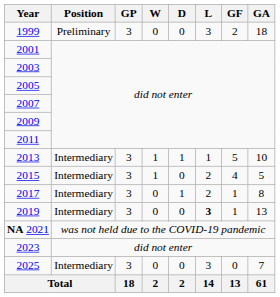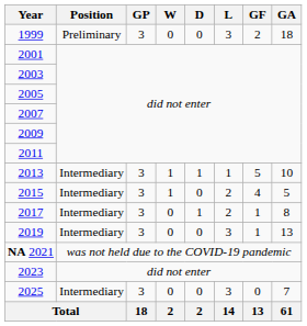 <table class="wikitable" style="text-align: center;">
 <tr>
 <th>Year</th>
 <th>Position</th>
 <th width=30>GP</th>
 <th width=30>W</th>
 <th width=30>D</th>
 <th width=30>L</th>
 <th width=30>GF</th>
 <th width=30>GA</th>
 </tr>
 <tr>
 <td> <a href='#'>1999</a></td>
 <td>Preliminary</td>
 <td>3</td>
 <td>0</td>
 <td>0</td>
 <td>3</td>
 <td>2</td>
 <td>18</td>
 </tr>
 <tr>
 <td> <a href='#'>2001</a></td>
 <td rowspan=6 colspan=7><em>did not enter</em></td>
 </tr>
 <tr>
 <td> <a href='#'>2003</a></td>
 </tr>
 <tr>
 <td> <a href='#'>2005</a></td>
 </tr>
 <tr>
 <td> <a href='#'>2007</a></td>
 </tr>
 <tr>
 <td> <a href='#'>2009</a></td>
 </tr>
 <tr>
 <td> <a href='#'>2011</a></td>
 </tr>
 <tr>
 <td> <a href='#'>2013</a></td>
 <td>Intermediary</td>
 <td>3</td>
 <td>1</td>
 <td>1</td>
 <td>1</td>
 <td>5</td>
 <td>10</td>
 </tr>
 <tr>
 <td> <a href='#'>2015</a></td>
 <td>Intermediary</td>
 <td>3</td>
 <td>1</td>
 <td>0</td>
 <td>2</td>
 <td>4</td>
 <td>5</td>
 </tr>
 <tr>
 <td> <a href='#'>2017</a></td>
 <td>Intermediary</td>
 <td>3</td>
 <td>0</td>
 <td>1</td>
 <td>2</td>
 <td>1</td>
 <td>8</td>
 </tr>
 <tr>
 <td> <a href='#'>2019</a></td>
 <td>Intermediary</td>
 <td>3</td>
 <td>0</td>
 <td>0</td>
-<td><strong>3</strong></td>
+<td>3</td>
 <td>1</td>
 <td>13</td>
 </tr>
 <tr>
 <td><strong>NA</strong> <a href='#'>2021</a></td>
 <td colspan=7><em>was not held due to the COVID-19 pandemic</em></td>
 </tr>
 <tr>
 <td> <a href='#'>2023</a></td>
 <td colspan=7><em>did not enter</em></td>
 </tr>
 <tr>
 <td> <a href='#'>2025</a></td>
 <td>Intermediary</td>
 <td>3</td>
 <td>0</td>
 <td>0</td>
 <td>3</td>
 <td>0</td>
 <td>7</td>
 </tr>
 <tr>
 <th colspan=2>Total</th>
 <th>18</th>
 <th>2</th>
 <th>2</th>
 <th>14</th>
 <th>13</th>
 <th>61</th>
 </tr>
 </table>
